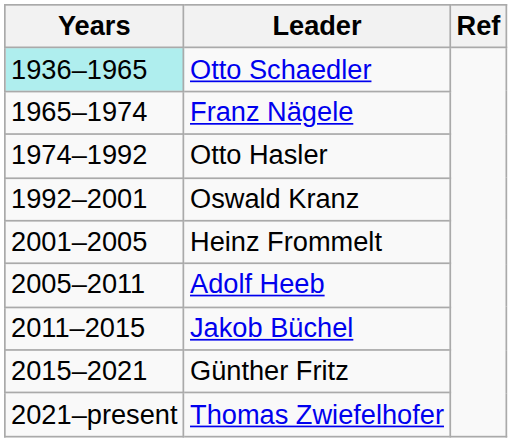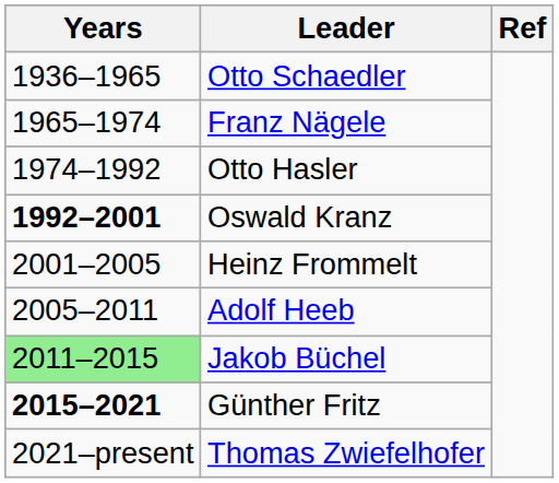 <table class=wikitable>
 <tr>
 <th>Years</th>
 <th>Leader</th>
 <th>Ref</th>
 </tr>
 <tr>
-<td style="background: paleturquoise;">1936–1965</td>
+<td>1936–1965</td>
 <td><a href='#'>Otto Schaedler</a></td>
 <td rowspan="9"></td>
 </tr>
 <tr>
 <td>1965–1974</td>
 <td><a href='#'>Franz Nägele</a></td>
 </tr>
 <tr>
 <td>1974–1992</td>
 <td>Otto Hasler</td>
 </tr>
 <tr>
-<td>1992–2001</td>
+<td><strong>1992–2001</strong></td>
 <td>Oswald Kranz</td>
 </tr>
 <tr>
 <td>2001–2005</td>
 <td>Heinz Frommelt</td>
 </tr>
 <tr>
 <td>2005–2011</td>
 <td><a href='#'>Adolf Heeb</a></td>
 </tr>
 <tr>
-<td>2011–2015</td>
+<td style="background: lightgreen;">2011–2015</td>
 <td><a href='#'>Jakob Büchel</a></td>
 </tr>
 <tr>
-<td>2015–2021</td>
+<td><strong>2015–2021</strong></td>
 <td>Günther Fritz</td>
 </tr>
 <tr>
 <td>2021–present</td>
 <td><a href='#'>Thomas Zwiefelhofer</a></td>
 </tr>
 </table>
